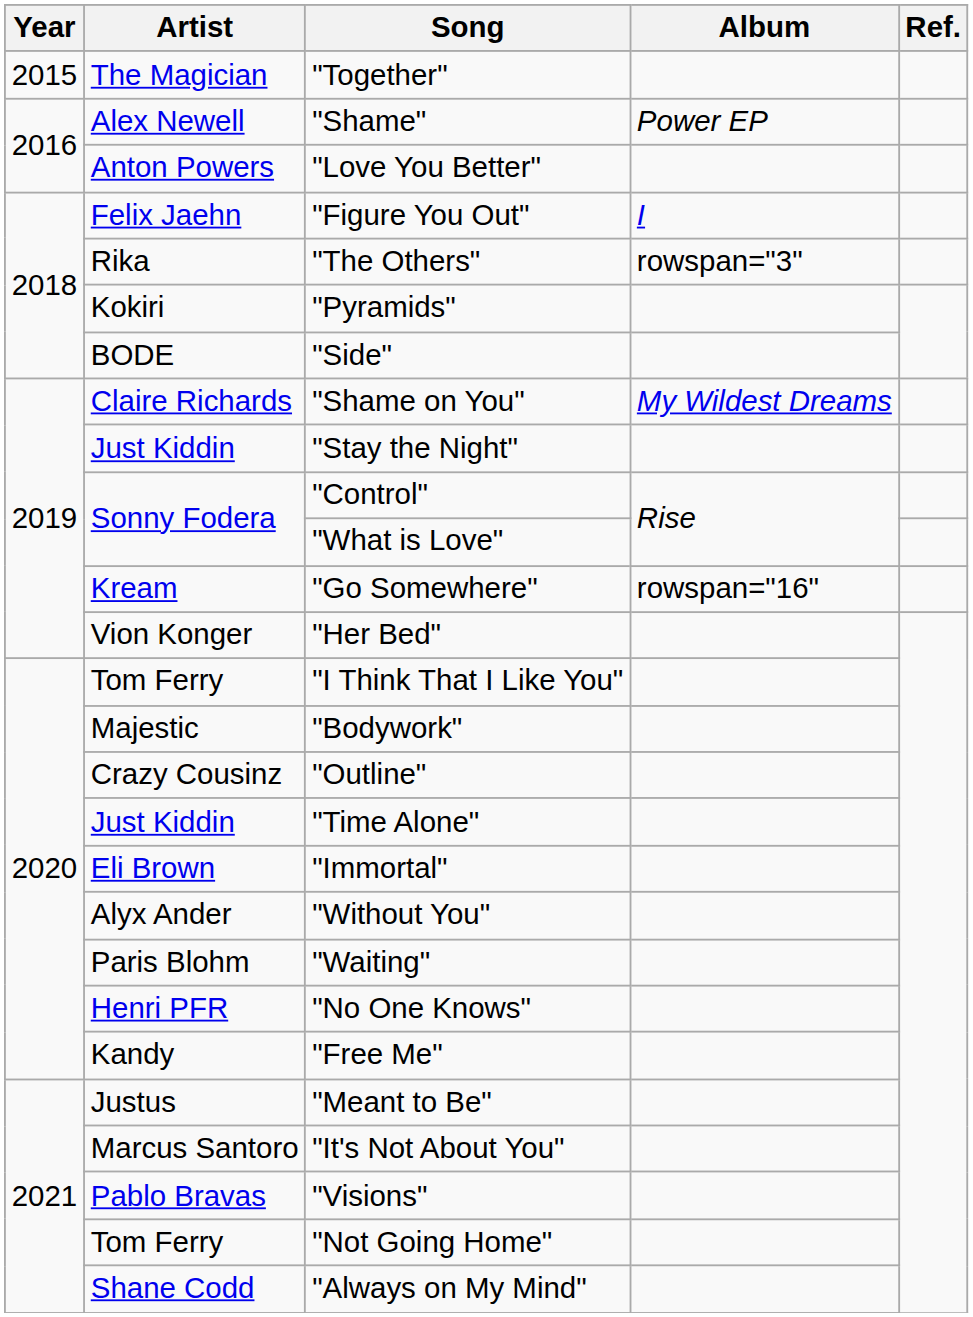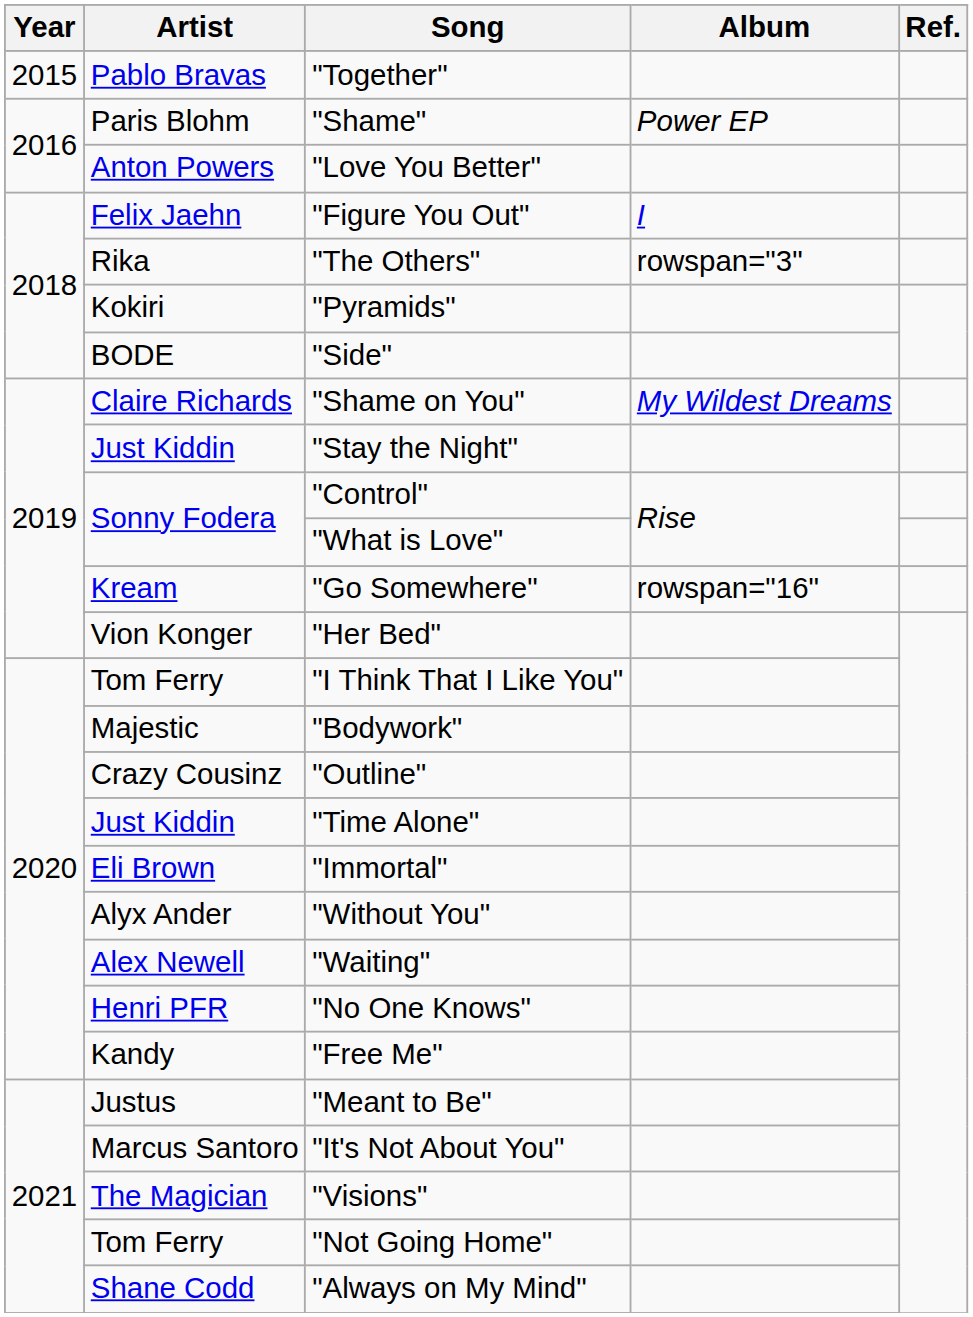 <table class="wikitable">
 <tr>
 <th>Year</th>
 <th>Artist</th>
 <th>Song</th>
 <th>Album</th>
 <th>Ref.</th>
 </tr>
 <tr>
 <td>2015</td>
-<td><a href='#'>The Magician</a></td>
+<td><a href='#'>Pablo Bravas</a></td>
 <td>"Together"</td>
 <td></td>
 <td></td>
 </tr>
 <tr>
 <td rowspan="2">2016</td>
-<td><a href='#'>Alex Newell</a></td>
+<td>Paris Blohm</td>
 <td>"Shame"</td>
 <td><em>Power EP</em></td>
 <td></td>
 </tr>
 <tr>
 <td><a href='#'>Anton Powers</a></td>
 <td>"Love You Better" </td>
 <td></td>
 <td></td>
 </tr>
 <tr>
 <td rowspan="4">2018</td>
 <td><a href='#'>Felix Jaehn</a></td>
 <td>"Figure You Out"</td>
 <td><em><a href='#'>I</a></em></td>
 <td></td>
 </tr>
 <tr>
 <td>Rika</td>
 <td>"The Others"</td>
 <td>rowspan="3" </td>
 <td></td>
 </tr>
 <tr>
 <td>Kokiri</td>
 <td>"Pyramids"</td>
 <td></td>
 </tr>
 <tr>
 <td>BODE</td>
 <td>"Side" </td>
 <td></td>
 </tr>
 <tr>
 <td rowspan="6">2019</td>
 <td><a href='#'>Claire Richards</a></td>
 <td>"Shame on You"</td>
 <td><em><a href='#'>My Wildest Dreams</a></em></td>
 <td></td>
 </tr>
 <tr>
 <td><a href='#'>Just Kiddin</a></td>
 <td>"Stay the Night" </td>
 <td></td>
 <td></td>
 </tr>
 <tr>
 <td rowspan="2"><a href='#'>Sonny Fodera</a></td>
 <td>"Control" </td>
 <td rowspan="2"><em>Rise</em></td>
 <td></td>
 </tr>
 <tr>
 <td>"What is Love"</td>
 <td></td>
 </tr>
 <tr>
 <td><a href='#'>Kream</a></td>
 <td>"Go Somewhere" </td>
 <td>rowspan="16" </td>
 <td></td>
 </tr>
 <tr>
 <td>Vion Konger</td>
 <td>"Her Bed" </td>
 <td></td>
 </tr>
 <tr>
 <td rowspan="9">2020</td>
 <td>Tom Ferry</td>
 <td>"I Think That I Like You" </td>
 <td></td>
 </tr>
 <tr>
 <td>Majestic</td>
 <td>"Bodywork"</td>
 <td></td>
 </tr>
 <tr>
 <td>Crazy Cousinz</td>
 <td>"Outline" </td>
 <td></td>
 </tr>
 <tr>
 <td><a href='#'>Just Kiddin</a></td>
 <td>"Time Alone"</td>
 <td></td>
 </tr>
 <tr>
 <td><a href='#'>Eli Brown</a></td>
 <td>"Immortal"</td>
 <td></td>
 </tr>
 <tr>
 <td>Alyx Ander</td>
 <td>"Without You" </td>
 <td></td>
 </tr>
 <tr>
-<td>Paris Blohm</td>
+<td><a href='#'>Alex Newell</a></td>
 <td>"Waiting" </td>
 <td></td>
 </tr>
 <tr>
 <td><a href='#'>Henri PFR</a></td>
 <td>"No One Knows" </td>
 <td></td>
 </tr>
 <tr>
 <td>Kandy</td>
 <td>"Free Me" </td>
 <td></td>
 </tr>
 <tr>
 <td rowspan="5">2021</td>
 <td>Justus</td>
 <td>"Meant to Be"</td>
 <td></td>
 </tr>
 <tr>
 <td>Marcus Santoro</td>
 <td>"It's Not About You" </td>
 <td></td>
 </tr>
 <tr>
-<td><a href='#'>Pablo Bravas</a></td>
+<td><a href='#'>The Magician</a></td>
 <td>"Visions"</td>
 <td></td>
 </tr>
 <tr>
 <td>Tom Ferry</td>
 <td>"Not Going Home" </td>
 <td></td>
 </tr>
 <tr>
 <td><a href='#'>Shane Codd</a></td>
 <td>"Always on My Mind" </td>
 <td></td>
 </tr>
 <tr>
 </tr>
 </table>
